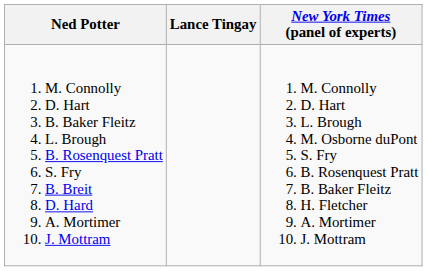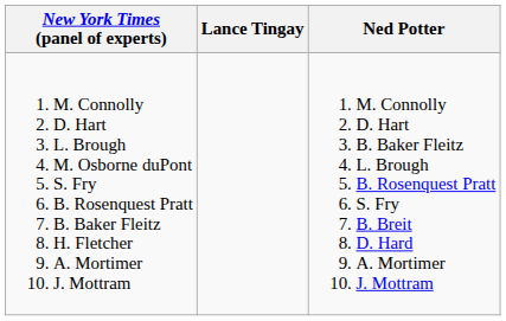 <table class="wikitable">
 <tr>
+<th><em><a href='#'>New York Times</a></em><br>(panel of experts)</th>
+<th>Lance Tingay</th>
 <th>Ned Potter</th>
-<th>Lance Tingay</th>
-<th><em><a href='#'>New York Times</a></em><br>(panel of experts)</th>
 </tr>
 <tr style="vertical-align: top;">
+<td style="white-space: nowrap;"><br><ol><li> M. Connolly</li><li> D. Hart</li><li> L. Brough</li><li> M. Osborne duPont</li><li> S. Fry</li><li> B. Rosenquest Pratt</li><li> B. Baker Fleitz</li><li> H. Fletcher</li><li> A. Mortimer</li><li> J. Mottram</li></ol></td>
+<td></td>
 <td style="white-space: nowrap;"><br><ol><li> M. Connolly</li><li> D. Hart</li><li> B. Baker Fleitz</li><li> L. Brough</li><li> <a href='#'>B. Rosenquest Pratt</a></li><li> S. Fry</li><li> <a href='#'>B. Breit</a></li><li> <a href='#'>D. Hard</a></li><li> A. Mortimer</li><li> <a href='#'>J. Mottram</a></li></ol></td>
-<td></td>
-<td style="white-space: nowrap;"><br><ol><li> M. Connolly</li><li> D. Hart</li><li> L. Brough</li><li> M. Osborne duPont</li><li> S. Fry</li><li> B. Rosenquest Pratt</li><li> B. Baker Fleitz</li><li> H. Fletcher</li><li> A. Mortimer</li><li> J. Mottram</li></ol></td>
 </tr>
 </table>
